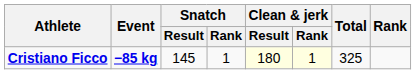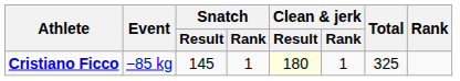 <table class="wikitable" style="font-size:90%">
 <tr>
 <th rowspan="2">Athlete</th>
 <th rowspan="2">Event</th>
 <th colspan="2">Snatch</th>
 <th colspan="2">Clean & jerk</th>
 <th rowspan="2">Total</th>
 <th rowspan="2">Rank</th>
 </tr>
 <tr style="font-size:95%">
 <th>Result</th>
 <th>Rank</th>
 <th>Result</th>
 <th>Rank</th>
 </tr>
 <tr align=center>
 <td align=left><strong><a href='#'>Cristiano Ficco</a></strong></td>
-<td align=left><strong><a href='#'>−85 kg</a></strong></td>
+<td align=left><a href='#'>−85 kg</a></td>
 <td>145</td>
 <td>1</td>
 <td style="background: lightyellow;">180</td>
-<td style="background: lightyellow;">1</td>
+<td>1</td>
 <td>325</td>
 <td></td>
 </tr>
 </table>
